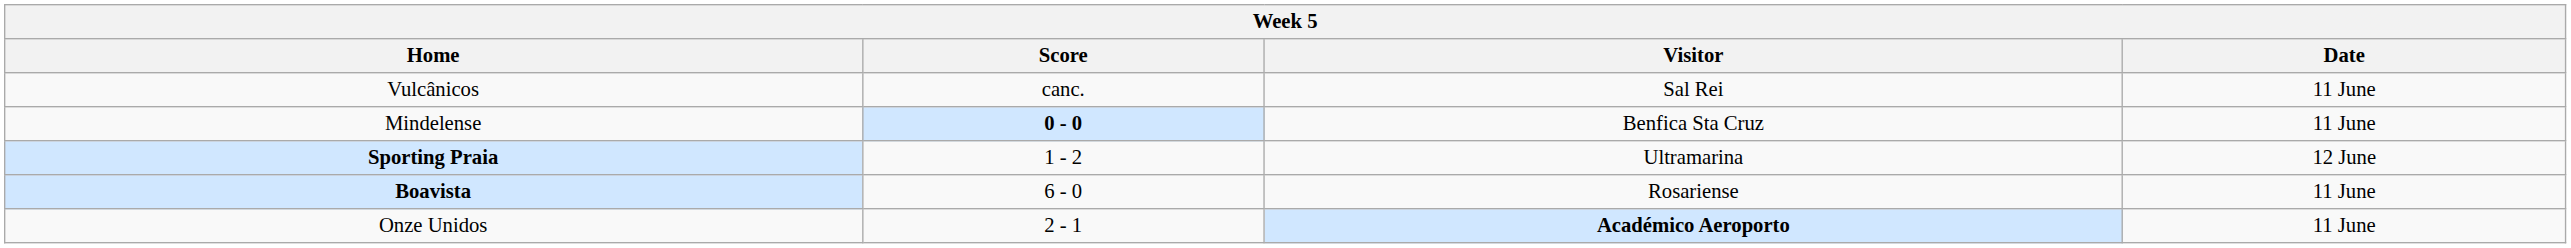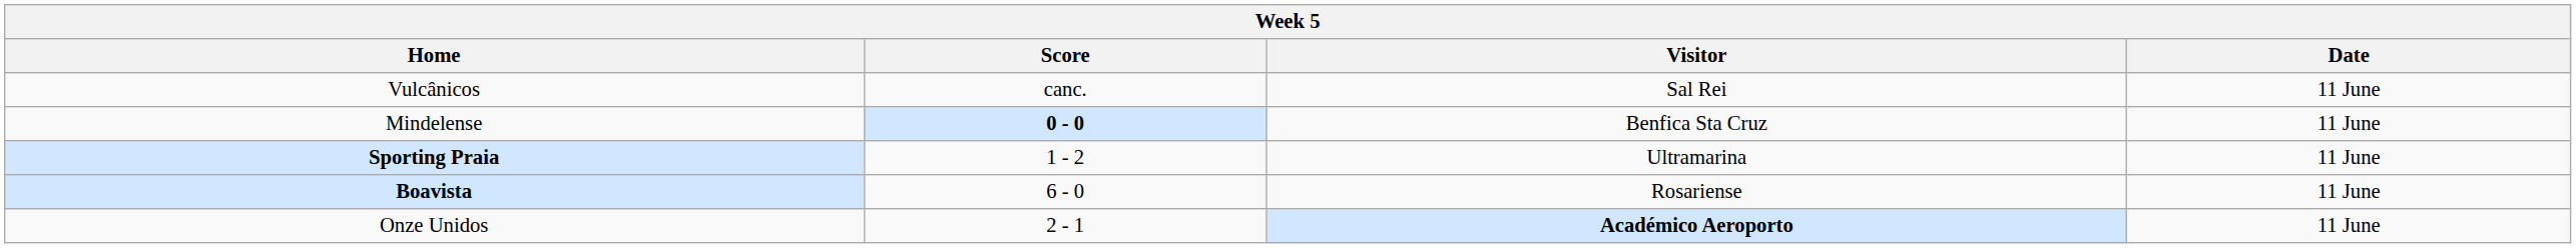 <table class="wikitable" style="margin:1em auto; font-size:95%; text-align: center; width: 95%;">
 <tr>
 <th colspan="12" style="with: 100%;" align=center>Week 5</th>
 </tr>
 <tr>
 <th width="200">Home</th>
 <th width="90">Score</th>
 <th width="200">Visitor</th>
 <th width="100">Date</th>
 </tr>
 <tr align=center>
 <td>Vulcânicos</td>
 <td>canc.</td>
 <td>Sal Rei</td>
 <td>11 June</td>
 </tr>
 <tr align=center>
 <td>Mindelense</td>
 <td bgcolor=#D0E7FF><strong>0 - 0</strong></td>
 <td>Benfica Sta Cruz</td>
 <td>11 June</td>
 </tr>
 <tr align=center>
 <td bgcolor=#D0E7FF><strong>Sporting Praia</strong></td>
 <td>1 - 2</td>
 <td>Ultramarina</td>
-<td>12 June</td>
+<td>11 June</td>
 </tr>
 <tr align=center>
 <td bgcolor=#D0E7FF><strong>Boavista</strong></td>
 <td>6 - 0</td>
 <td>Rosariense</td>
 <td>11 June</td>
 </tr>
 <tr align=center>
 <td>Onze Unidos</td>
 <td>2 - 1</td>
 <td bgcolor=#D0E7FF><strong>Académico Aeroporto </strong></td>
 <td>11 June</td>
 </tr>
 </table>
